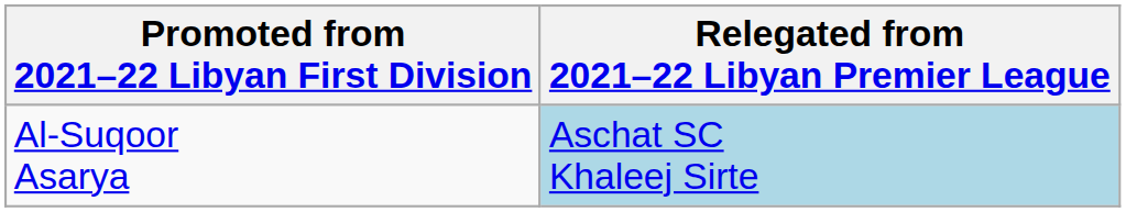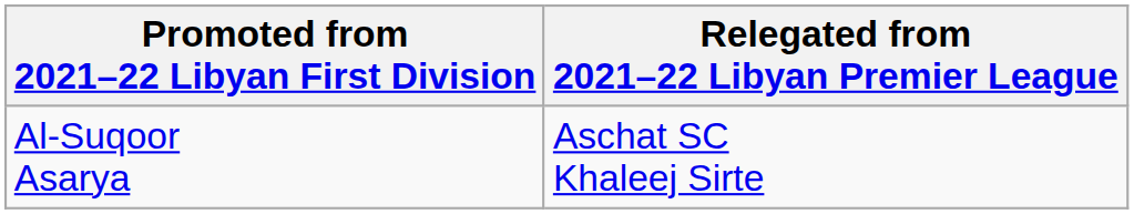 <table class="wikitable">
 <tr>
 <th>Promoted from<br><a href='#'>2021–22 Libyan First Division</a></th>
 <th>Relegated from<br><a href='#'>2021–22 Libyan Premier League</a></th>
 </tr>
 <tr>
 <td><a href='#'>Al-Suqoor</a> <br> <a href='#'>Asarya</a></td>
-<td style="background: lightblue;"><a href='#'>Aschat SC</a> <br> <a href='#'>Khaleej Sirte</a> <br></td>
+<td><a href='#'>Aschat SC</a> <br> <a href='#'>Khaleej Sirte</a> <br></td>
 </tr>
 </table>
